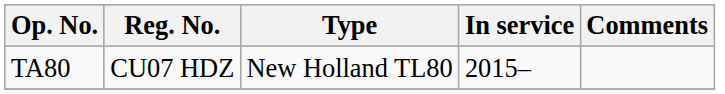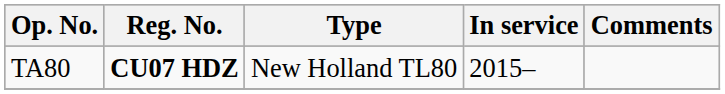 <table class="wikitable">
 <tr>
 <th>Op. No.</th>
 <th>Reg. No.</th>
 <th>Type</th>
 <th>In service</th>
 <th>Comments</th>
 </tr>
 <tr>
 <td>TA80</td>
-<td>CU07 HDZ</td>
+<td><strong>CU07 HDZ</strong></td>
 <td>New Holland TL80</td>
 <td>2015–</td>
 <td></td>
 </tr>
 <tr>
 </tr>
 </table>
